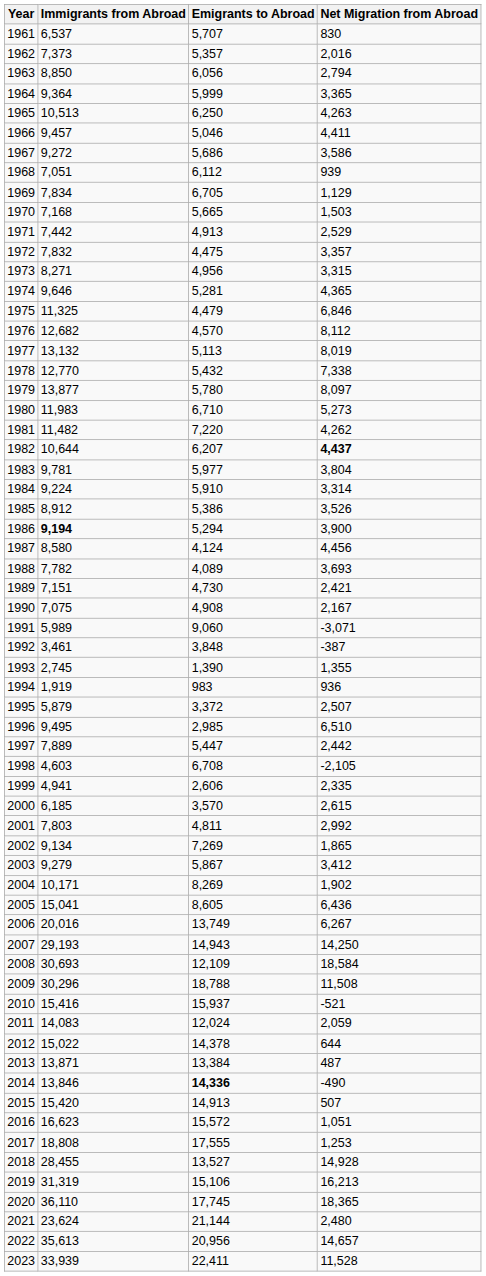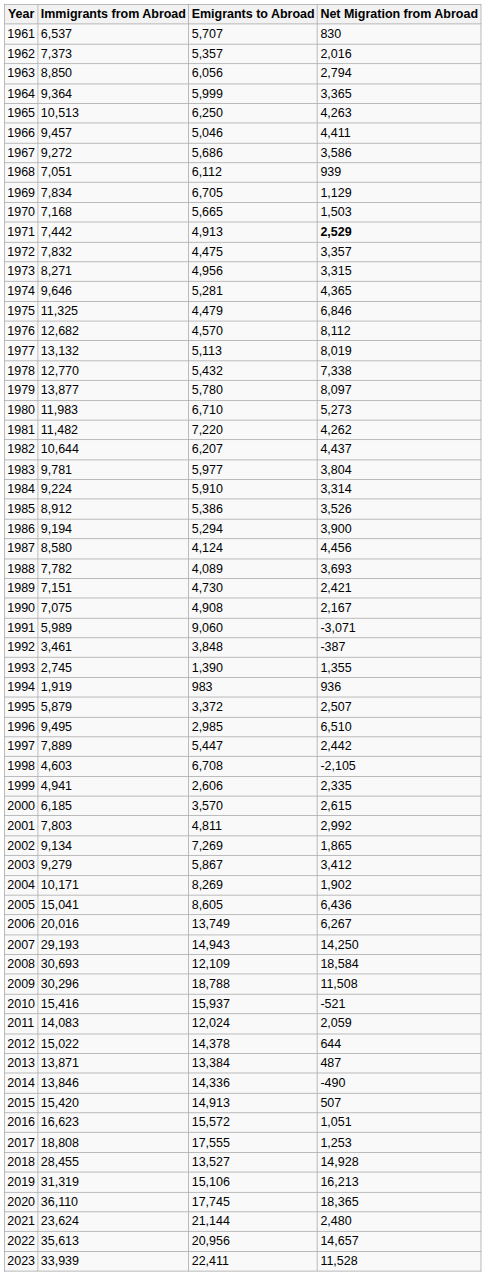 <table class="wikitable sortable">
 <tr>
 <th>Year</th>
 <th>Immigrants from Abroad</th>
 <th>Emigrants to Abroad</th>
 <th>Net Migration from Abroad</th>
 </tr>
 <tr>
 <td>1961</td>
 <td>6,537</td>
 <td>5,707</td>
 <td>830</td>
 </tr>
 <tr>
 <td>1962</td>
 <td>7,373</td>
 <td>5,357</td>
 <td>2,016</td>
 </tr>
 <tr>
 <td>1963</td>
 <td>8,850</td>
 <td>6,056</td>
 <td>2,794</td>
 </tr>
 <tr>
 <td>1964</td>
 <td>9,364</td>
 <td>5,999</td>
 <td>3,365</td>
 </tr>
 <tr>
 <td>1965</td>
 <td>10,513</td>
 <td>6,250</td>
 <td>4,263</td>
 </tr>
 <tr>
 <td>1966</td>
 <td>9,457</td>
 <td>5,046</td>
 <td>4,411</td>
 </tr>
 <tr>
 <td>1967</td>
 <td>9,272</td>
 <td>5,686</td>
 <td>3,586</td>
 </tr>
 <tr>
 <td>1968</td>
 <td>7,051</td>
 <td>6,112</td>
 <td>939</td>
 </tr>
 <tr>
 <td>1969</td>
 <td>7,834</td>
 <td>6,705</td>
 <td>1,129</td>
 </tr>
 <tr>
 <td>1970</td>
 <td>7,168</td>
 <td>5,665</td>
 <td>1,503</td>
 </tr>
 <tr>
 <td>1971</td>
 <td>7,442</td>
 <td>4,913</td>
-<td>2,529</td>
+<td><strong>2,529</strong></td>
 </tr>
 <tr>
 <td>1972</td>
 <td>7,832</td>
 <td>4,475</td>
 <td>3,357</td>
 </tr>
 <tr>
 <td>1973</td>
 <td>8,271</td>
 <td>4,956</td>
 <td>3,315</td>
 </tr>
 <tr>
 <td>1974</td>
 <td>9,646</td>
 <td>5,281</td>
 <td>4,365</td>
 </tr>
 <tr>
 <td>1975</td>
 <td>11,325</td>
 <td>4,479</td>
 <td>6,846</td>
 </tr>
 <tr>
 <td>1976</td>
 <td>12,682</td>
 <td>4,570</td>
 <td>8,112</td>
 </tr>
 <tr>
 <td>1977</td>
 <td>13,132</td>
 <td>5,113</td>
 <td>8,019</td>
 </tr>
 <tr>
 <td>1978</td>
 <td>12,770</td>
 <td>5,432</td>
 <td>7,338</td>
 </tr>
 <tr>
 <td>1979</td>
 <td>13,877</td>
 <td>5,780</td>
 <td>8,097</td>
 </tr>
 <tr>
 <td>1980</td>
 <td>11,983</td>
 <td>6,710</td>
 <td>5,273</td>
 </tr>
 <tr>
 <td>1981</td>
 <td>11,482</td>
 <td>7,220</td>
 <td>4,262</td>
 </tr>
 <tr>
 <td>1982</td>
 <td>10,644</td>
 <td>6,207</td>
-<td><strong>4,437</strong></td>
+<td>4,437</td>
 </tr>
 <tr>
 <td>1983</td>
 <td>9,781</td>
 <td>5,977</td>
 <td>3,804</td>
 </tr>
 <tr>
 <td>1984</td>
 <td>9,224</td>
 <td>5,910</td>
 <td>3,314</td>
 </tr>
 <tr>
 <td>1985</td>
 <td>8,912</td>
 <td>5,386</td>
 <td>3,526</td>
 </tr>
 <tr>
 <td>1986</td>
-<td><strong>9,194</strong></td>
+<td>9,194</td>
 <td>5,294</td>
 <td>3,900</td>
 </tr>
 <tr>
 <td>1987</td>
 <td>8,580</td>
 <td>4,124</td>
 <td>4,456</td>
 </tr>
 <tr>
 <td>1988</td>
 <td>7,782</td>
 <td>4,089</td>
 <td>3,693</td>
 </tr>
 <tr>
 <td>1989</td>
 <td>7,151</td>
 <td>4,730</td>
 <td>2,421</td>
 </tr>
 <tr>
 <td>1990</td>
 <td>7,075</td>
 <td>4,908</td>
 <td>2,167</td>
 </tr>
 <tr>
 <td>1991</td>
 <td>5,989</td>
 <td>9,060</td>
 <td>-3,071</td>
 </tr>
 <tr>
 <td>1992</td>
 <td>3,461</td>
 <td>3,848</td>
 <td>-387</td>
 </tr>
 <tr>
 <td>1993</td>
 <td>2,745</td>
 <td>1,390</td>
 <td>1,355</td>
 </tr>
 <tr>
 <td>1994</td>
 <td>1,919</td>
 <td>983</td>
 <td>936</td>
 </tr>
 <tr>
 <td>1995</td>
 <td>5,879</td>
 <td>3,372</td>
 <td>2,507</td>
 </tr>
 <tr>
 <td>1996</td>
 <td>9,495</td>
 <td>2,985</td>
 <td>6,510</td>
 </tr>
 <tr>
 <td>1997</td>
 <td>7,889</td>
 <td>5,447</td>
 <td>2,442</td>
 </tr>
 <tr>
 <td>1998</td>
 <td>4,603</td>
 <td>6,708</td>
 <td>-2,105</td>
 </tr>
 <tr>
 <td>1999</td>
 <td>4,941</td>
 <td>2,606</td>
 <td>2,335</td>
 </tr>
 <tr>
 <td>2000</td>
 <td>6,185</td>
 <td>3,570</td>
 <td>2,615</td>
 </tr>
 <tr>
 <td>2001</td>
 <td>7,803</td>
 <td>4,811</td>
 <td>2,992</td>
 </tr>
 <tr>
 <td>2002</td>
 <td>9,134</td>
 <td>7,269</td>
 <td>1,865</td>
 </tr>
 <tr>
 <td>2003</td>
 <td>9,279</td>
 <td>5,867</td>
 <td>3,412</td>
 </tr>
 <tr>
 <td>2004</td>
 <td>10,171</td>
 <td>8,269</td>
 <td>1,902</td>
 </tr>
 <tr>
 <td>2005</td>
 <td>15,041</td>
 <td>8,605</td>
 <td>6,436</td>
 </tr>
 <tr>
 <td>2006</td>
 <td>20,016</td>
 <td>13,749</td>
 <td>6,267</td>
 </tr>
 <tr>
 <td>2007</td>
 <td>29,193</td>
 <td>14,943</td>
 <td>14,250</td>
 </tr>
 <tr>
 <td>2008</td>
 <td>30,693</td>
 <td>12,109</td>
 <td>18,584</td>
 </tr>
 <tr>
 <td>2009</td>
 <td>30,296</td>
 <td>18,788</td>
 <td>11,508</td>
 </tr>
 <tr>
 <td>2010</td>
 <td>15,416</td>
 <td>15,937</td>
 <td>-521</td>
 </tr>
 <tr>
 <td>2011</td>
 <td>14,083</td>
 <td>12,024</td>
 <td>2,059</td>
 </tr>
 <tr>
 <td>2012</td>
 <td>15,022</td>
 <td>14,378</td>
 <td>644</td>
 </tr>
 <tr>
 <td>2013</td>
 <td>13,871</td>
 <td>13,384</td>
 <td>487</td>
 </tr>
 <tr>
 <td>2014</td>
 <td>13,846</td>
-<td><strong>14,336</strong></td>
+<td>14,336</td>
 <td>-490</td>
 </tr>
 <tr>
 <td>2015</td>
 <td>15,420</td>
 <td>14,913</td>
 <td>507</td>
 </tr>
 <tr>
 <td>2016</td>
 <td>16,623</td>
 <td>15,572</td>
 <td>1,051</td>
 </tr>
 <tr>
 <td>2017</td>
 <td>18,808</td>
 <td>17,555</td>
 <td>1,253</td>
 </tr>
 <tr>
 <td>2018</td>
 <td>28,455</td>
 <td>13,527</td>
 <td>14,928</td>
 </tr>
 <tr>
 <td>2019</td>
 <td>31,319</td>
 <td>15,106</td>
 <td>16,213</td>
 </tr>
 <tr>
 <td>2020</td>
 <td>36,110</td>
 <td>17,745</td>
 <td>18,365</td>
 </tr>
 <tr>
 <td>2021</td>
 <td>23,624</td>
 <td>21,144</td>
 <td>2,480</td>
 </tr>
 <tr>
 <td>2022</td>
 <td>35,613</td>
 <td>20,956</td>
 <td>14,657</td>
 </tr>
 <tr>
 <td>2023</td>
 <td>33,939</td>
 <td>22,411</td>
 <td>11,528</td>
 </tr>
 </table>
